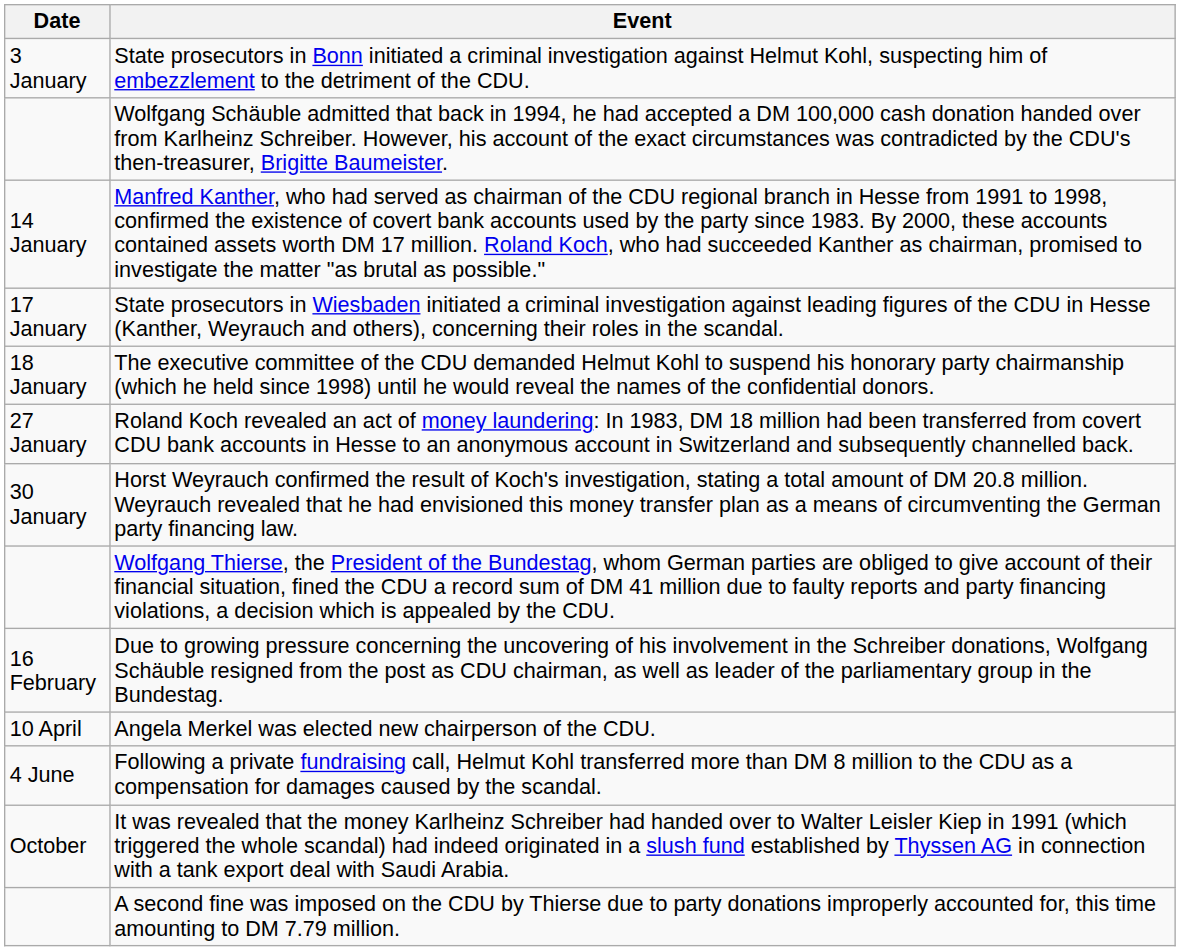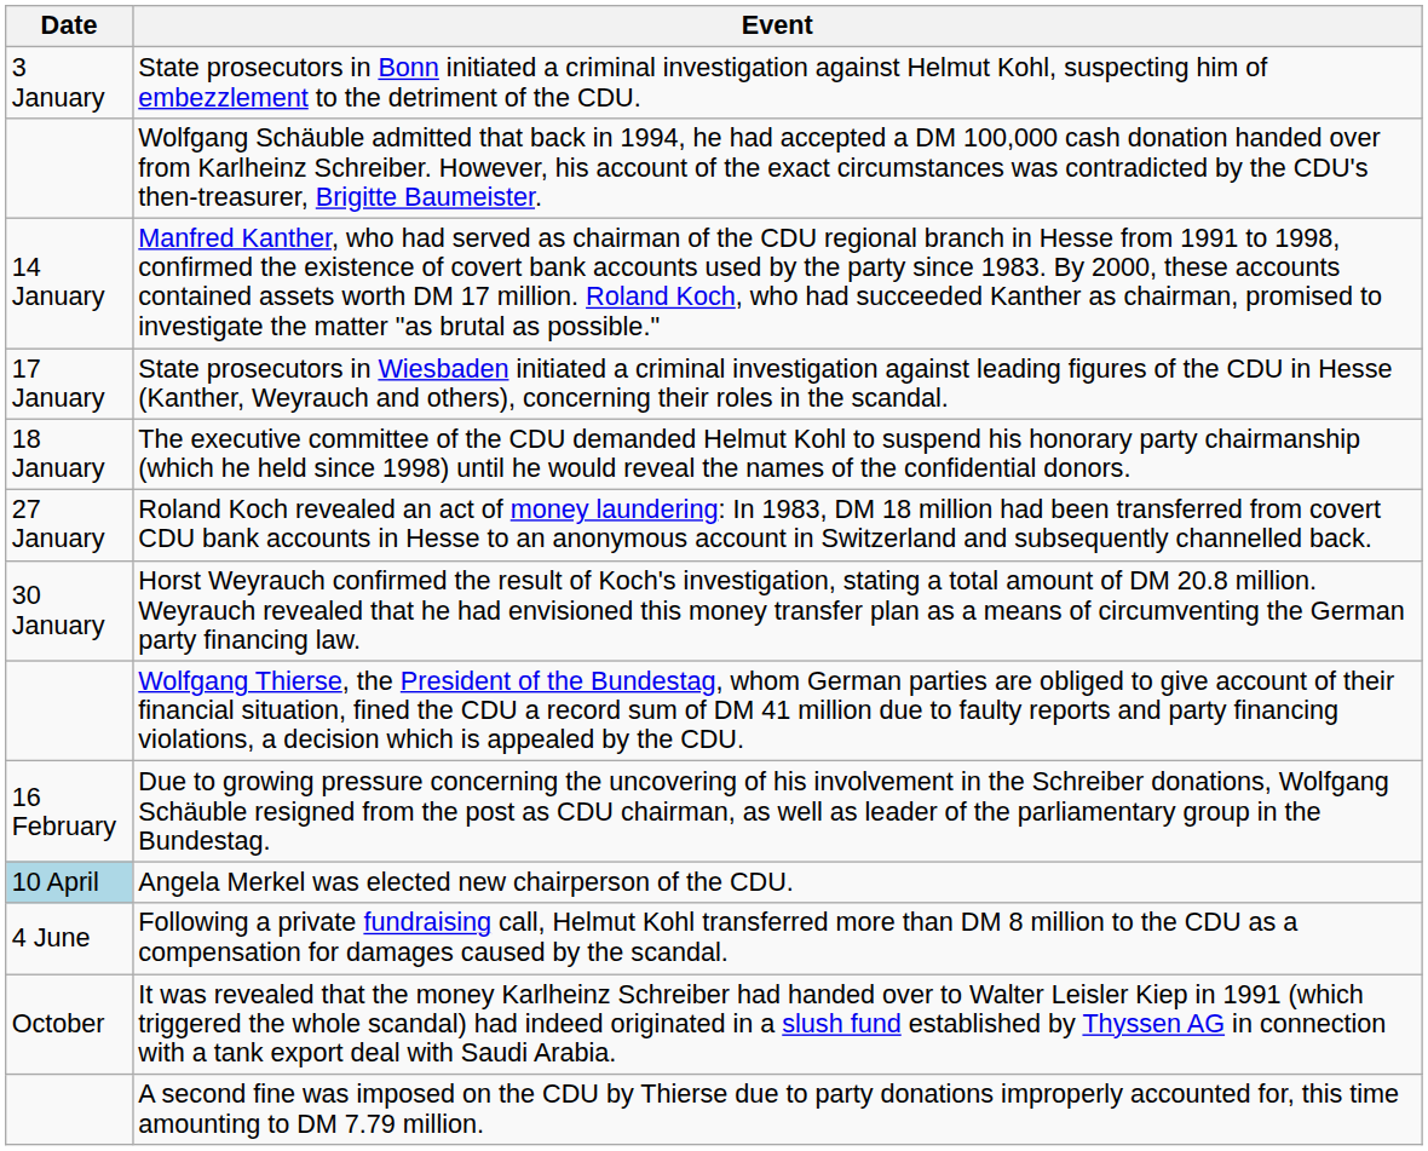 <table class="wikitable">
 <tr>
 <th>Date</th>
 <th>Event</th>
 </tr>
 <tr>
 <td>3 January</td>
 <td>State prosecutors in <a href='#'>Bonn</a> initiated a criminal investigation against Helmut Kohl, suspecting him of <a href='#'>embezzlement</a> to the detriment of the CDU.</td>
 </tr>
 <tr>
 <td></td>
 <td>Wolfgang Schäuble admitted that back in 1994, he had accepted a DM 100,000 cash donation handed over from Karlheinz Schreiber. However, his account of the exact circumstances was contradicted by the CDU's then-treasurer, <a href='#'>Brigitte Baumeister</a>.</td>
 </tr>
 <tr>
 <td>14 January</td>
 <td><a href='#'>Manfred Kanther</a>, who had served as chairman of the CDU regional branch in Hesse from 1991 to 1998, confirmed the existence of covert bank accounts used by the party since 1983. By 2000, these accounts contained assets worth DM 17 million. <a href='#'>Roland Koch</a>, who had succeeded Kanther as chairman, promised to investigate the matter "as brutal as possible."</td>
 </tr>
 <tr>
 <td>17 January</td>
 <td>State prosecutors in <a href='#'>Wiesbaden</a> initiated a criminal investigation against leading figures of the CDU in Hesse (Kanther, Weyrauch and others), concerning their roles in the scandal.</td>
 </tr>
 <tr>
 <td>18 January</td>
 <td>The executive committee of the CDU demanded Helmut Kohl to suspend his honorary party chairmanship (which he held since 1998) until he would reveal the names of the confidential donors.</td>
 </tr>
 <tr>
 <td>27 January</td>
 <td>Roland Koch revealed an act of <a href='#'>money laundering</a>: In 1983, DM 18 million had been transferred from covert CDU bank accounts in Hesse to an anonymous account in Switzerland and subsequently channelled back.</td>
 </tr>
 <tr>
 <td>30 January</td>
 <td>Horst Weyrauch confirmed the result of Koch's investigation, stating a total amount of DM 20.8 million. Weyrauch revealed that he had envisioned this money transfer plan as a means of circumventing the German party financing law.</td>
 </tr>
 <tr>
 <td></td>
 <td><a href='#'>Wolfgang Thierse</a>, the <a href='#'>President of the Bundestag</a>, whom German parties are obliged to give account of their financial situation, fined the CDU a record sum of DM 41 million due to faulty reports and party financing violations, a decision which is appealed by the CDU.</td>
 </tr>
 <tr>
 <td>16 February</td>
 <td>Due to growing pressure concerning the uncovering of his involvement in the Schreiber donations, Wolfgang Schäuble resigned from the post as CDU chairman, as well as leader of the parliamentary group in the Bundestag.</td>
 </tr>
 <tr>
-<td>10 April</td>
+<td style="background: lightblue;">10 April</td>
 <td>Angela Merkel was elected new chairperson of the CDU.</td>
 </tr>
 <tr>
 <td>4 June</td>
 <td>Following a private <a href='#'>fundraising</a> call, Helmut Kohl transferred more than DM 8 million to the CDU as a compensation for damages caused by the scandal.</td>
 </tr>
 <tr>
 <td>October</td>
 <td>It was revealed that the money Karlheinz Schreiber had handed over to Walter Leisler Kiep in 1991 (which triggered the whole scandal) had indeed originated in a <a href='#'>slush fund</a> established by <a href='#'>Thyssen AG</a> in connection with a tank export deal with Saudi Arabia.</td>
 </tr>
 <tr>
 <td></td>
 <td>A second fine was imposed on the CDU by Thierse due to party donations improperly accounted for, this time amounting to DM 7.79 million.</td>
 </tr>
 </table>
